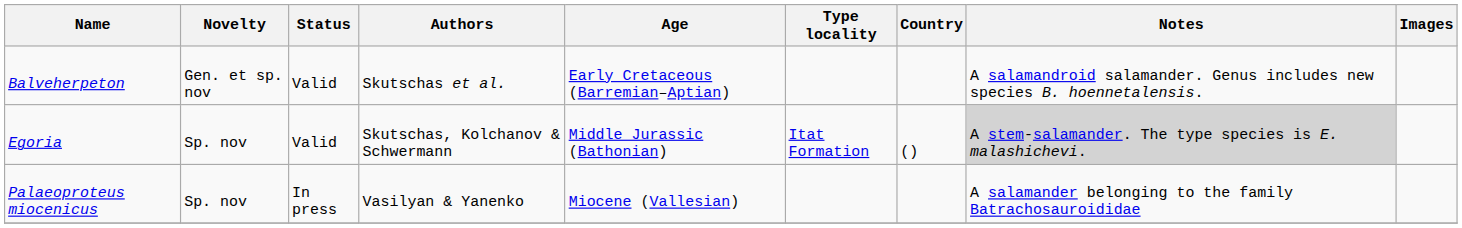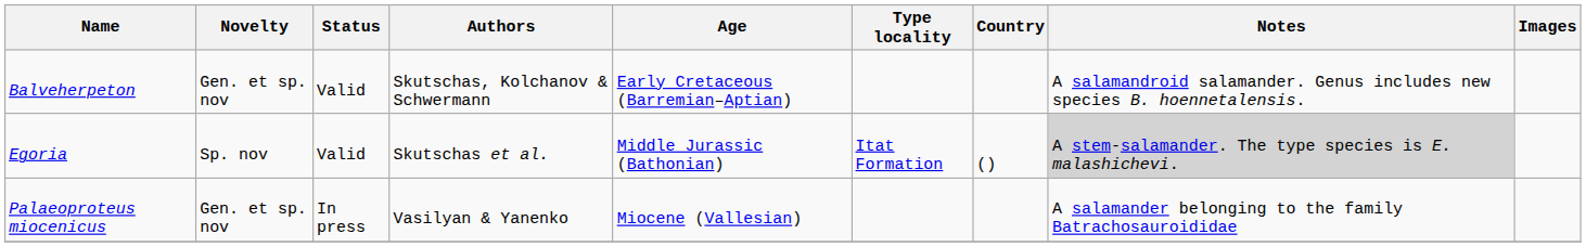 <table class="wikitable sortable"  style="margin:auto; width:100%;">
 <tr>
 <th>Name</th>
 <th>Novelty</th>
 <th>Status</th>
 <th>Authors</th>
 <th>Age</th>
 <th>Type locality</th>
 <th>Country</th>
 <th>Notes</th>
 <th>Images</th>
 </tr>
 <tr>
 <td><br><em><a href='#'>Balveherpeton</a></em></td>
 <td><br>Gen. et sp. nov</td>
 <td><br>Valid</td>
-<td><br>Skutschas <em>et al.</em></td>
+<td><br>Skutschas, Kolchanov & Schwermann</td>
 <td><br><a href='#'>Early Cretaceous</a> (<a href='#'>Barremian</a>–<a href='#'>Aptian</a>)</td>
 <td></td>
 <td><br></td>
 <td><br>A <a href='#'>salamandroid</a> salamander. Genus includes new species <em>B. hoennetalensis</em>.</td>
 <td></td>
 </tr>
 <tr>
 <td><br><em><a href='#'>Egoria</a></em></td>
 <td><br>Sp. nov</td>
 <td><br>Valid</td>
-<td><br>Skutschas, Kolchanov & Schwermann</td>
+<td><br>Skutschas <em>et al.</em></td>
 <td><br><a href='#'>Middle Jurassic</a> (<a href='#'>Bathonian</a>)</td>
 <td><br><a href='#'>Itat Formation</a></td>
 <td><br><br>()</td>
 <td style="background: lightgrey;"><br>A <a href='#'>stem</a>-<a href='#'>salamander</a>. The type species is <em>E. malashichevi</em>.</td>
 <td></td>
 </tr>
 <tr>
 <td><br><em><a href='#'>Palaeoproteus miocenicus</a></em></td>
-<td><br>Sp. nov</td>
+<td><br>Gen. et sp. nov</td>
 <td><br>In press</td>
 <td><br>Vasilyan & Yanenko</td>
 <td><br><a href='#'>Miocene</a> (<a href='#'>Vallesian</a>)</td>
 <td></td>
 <td><br><br> </td>
 <td><br>A <a href='#'>salamander</a> belonging to the family <a href='#'>Batrachosauroididae</a></td>
 <td></td>
 </tr>
 <tr>
 </tr>
 </table>
